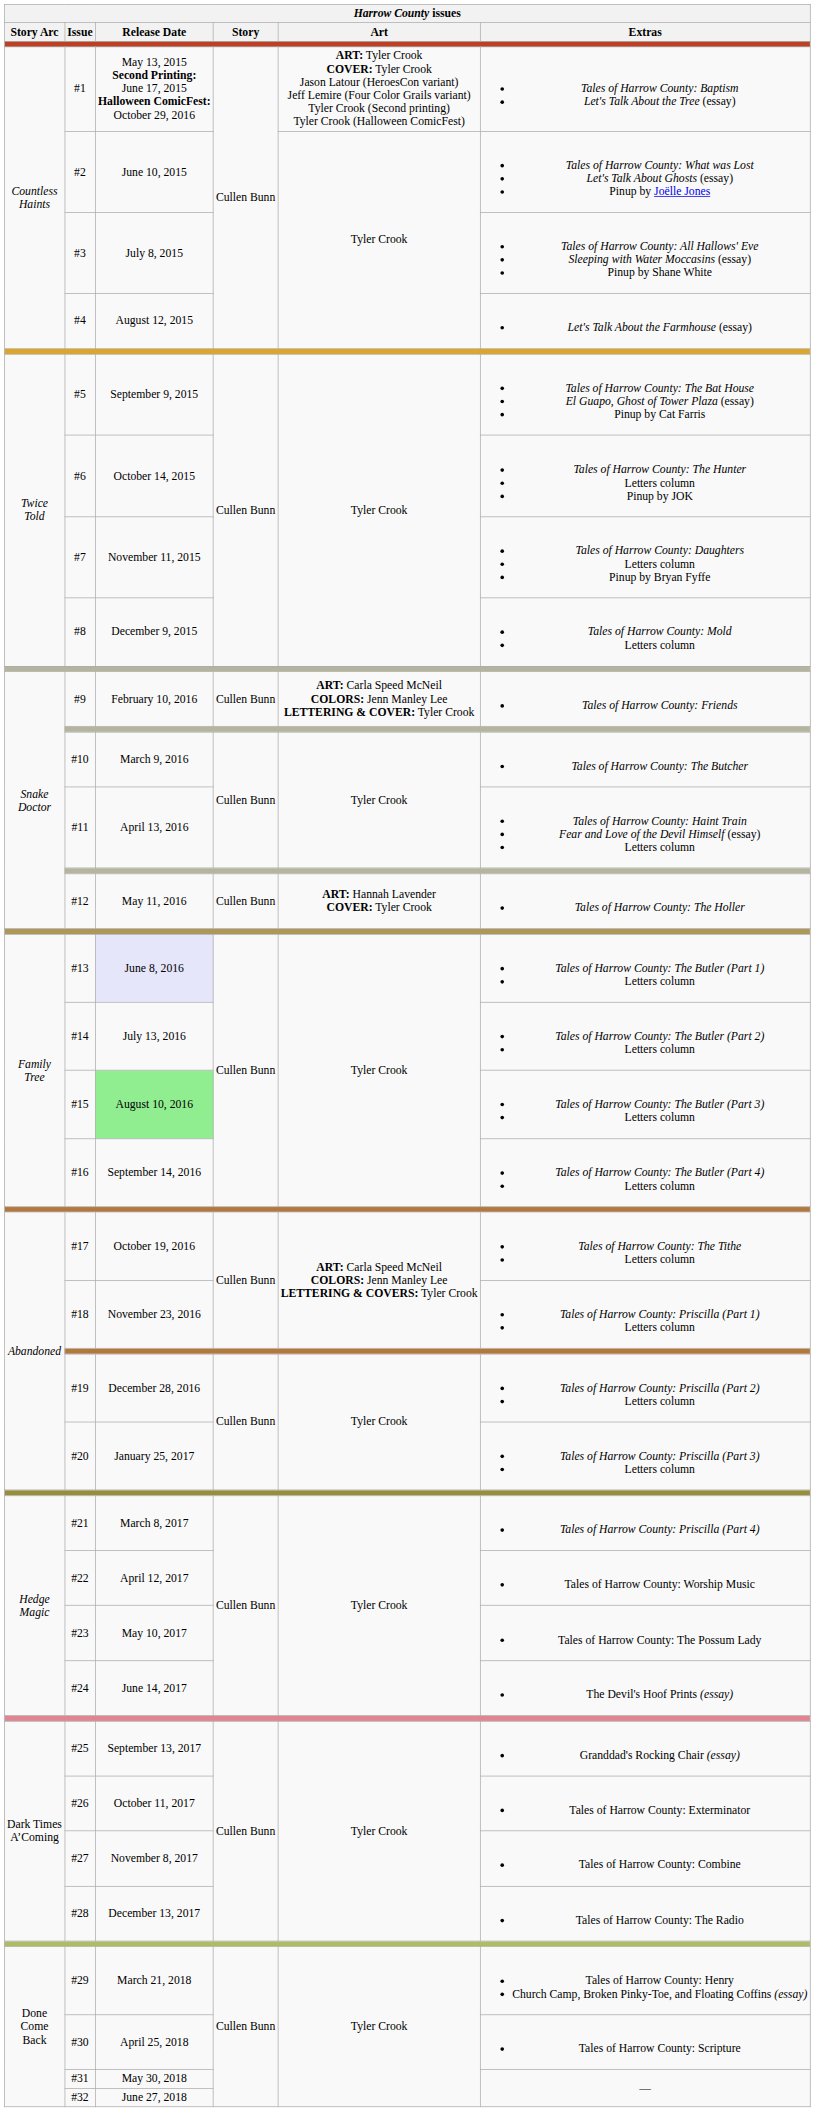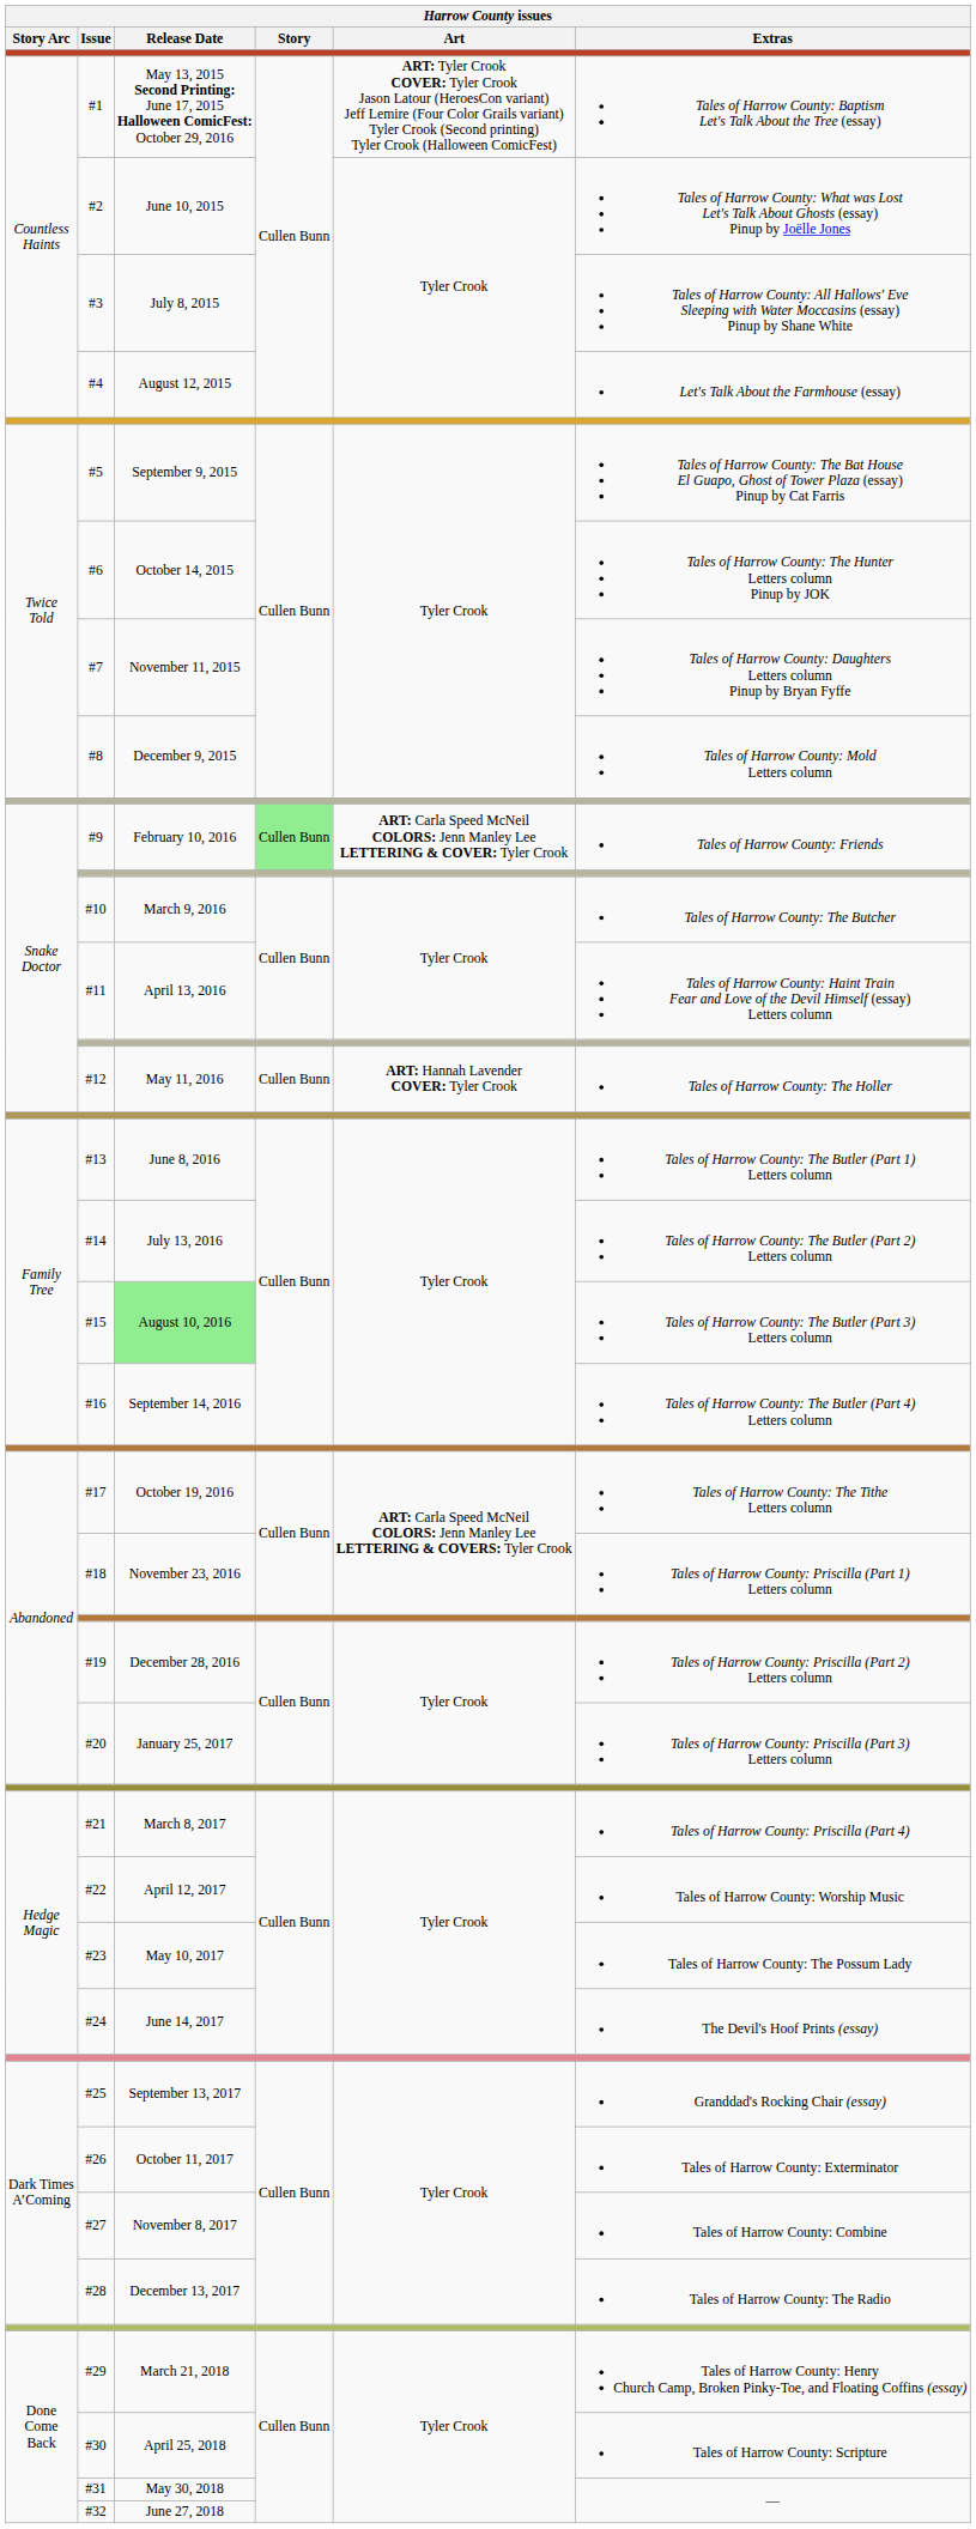 <table class="wikitable mw-collapsible mw-collapsed" style="text-align: center">
 <tr>
 <th colspan=6><em>Harrow County</em> issues</th>
 </tr>
 <tr>
 <th>Story Arc</th>
 <th>Issue</th>
 <th>Release Date</th>
 <th>Story</th>
 <th>Art</th>
 <th>Extras</th>
 </tr>
 <tr>
 <td colspan=6 style=background:#bc4026></td>
 </tr>
 <tr>
 <td rowspan=4><em>Countless<br>Haints</em></td>
 <td>#1</td>
 <td>May 13, 2015<br><strong><span>Second Printing:</span></strong><br>June 17, 2015<br><strong><span>Halloween ComicFest:</span></strong><br>October 29, 2016</td>
 <td rowspan=4>Cullen Bunn</td>
 <td><strong><span>ART:</span></strong> Tyler Crook<br><strong><span>COVER:</span></strong> Tyler Crook<br>Jason Latour <span>(HeroesCon variant)</span><br>Jeff Lemire <span>(Four Color Grails variant)</span><br>Tyler Crook <span>(Second printing)</span><br>Tyler Crook <span>(Halloween ComicFest)</span></td>
 <td><br><ul><li><em>Tales of Harrow County: Baptism</em></li><li><em>Let's Talk About the Tree</em> (essay)</li></ul></td>
 </tr>
 <tr>
 <td>#2</td>
 <td>June 10, 2015</td>
 <td rowspan=3>Tyler Crook</td>
 <td><br><ul><li><em>Tales of Harrow County: What was Lost</em></li><li><em>Let's Talk About Ghosts</em> (essay)</li><li>Pinup by <a href='#'>Joëlle Jones</a></li></ul></td>
 </tr>
 <tr>
 <td>#3</td>
 <td>July 8, 2015</td>
 <td><br><ul><li><em>Tales of Harrow County: All Hallows' Eve</em></li><li><em>Sleeping with Water Moccasins</em> (essay)</li><li>Pinup by Shane White</li></ul></td>
 </tr>
 <tr>
 <td>#4</td>
 <td>August 12, 2015</td>
 <td><br><ul><li><em>Let's Talk About the Farmhouse</em> (essay)</li></ul></td>
 </tr>
 <tr>
 <td colspan=6 style=background:#dda628></td>
 </tr>
 <tr>
 <td rowspan=4><em>Twice<br>Told</em></td>
 <td>#5</td>
 <td>September 9, 2015</td>
 <td rowspan=4>Cullen Bunn</td>
 <td rowspan=4>Tyler Crook</td>
 <td><br><ul><li><em>Tales of Harrow County: The Bat House</em></li><li><em>El Guapo, Ghost of Tower Plaza</em> (essay)</li><li>Pinup by Cat Farris</li></ul></td>
 </tr>
 <tr>
 <td>#6</td>
 <td>October 14, 2015</td>
 <td><br><ul><li><em>Tales of Harrow County: The Hunter</em></li><li>Letters column</li><li>Pinup by JOK</li></ul></td>
 </tr>
 <tr>
 <td>#7</td>
 <td>November 11, 2015</td>
 <td><br><ul><li><em>Tales of Harrow County: Daughters</em></li><li>Letters column</li><li>Pinup by Bryan Fyffe</li></ul></td>
 </tr>
 <tr>
 <td>#8</td>
 <td>December 9, 2015</td>
 <td><br><ul><li><em>Tales of Harrow County: Mold</em></li><li>Letters column</li></ul></td>
 </tr>
 <tr>
 <td colspan=6 style=background:#b5b59d></td>
 </tr>
 <tr>
 <td rowspan=6><em>Snake<br>Doctor</em></td>
 <td>#9</td>
 <td>February 10, 2016</td>
-<td>Cullen Bunn</td>
+<td style="background: lightgreen;">Cullen Bunn</td>
 <td><strong><span>ART:</span></strong> Carla Speed McNeil<br><strong><span>COLORS:</span></strong> Jenn Manley Lee<br><strong><span>LETTERING & COVER:</span></strong> Tyler Crook</td>
 <td><br><ul><li><em>Tales of Harrow County: Friends</em></li></ul></td>
 </tr>
 <tr>
 <td colspan=5 style=background:#b5b59d></td>
 </tr>
 <tr>
 <td>#10</td>
 <td>March 9, 2016</td>
 <td rowspan=2>Cullen Bunn</td>
 <td rowspan=2>Tyler Crook</td>
 <td><br><ul><li><em>Tales of Harrow County: The Butcher</em></li></ul></td>
 </tr>
 <tr>
 <td>#11</td>
 <td>April 13, 2016</td>
 <td><br><ul><li><em>Tales of Harrow County: Haint Train</em></li><li><em>Fear and Love of the Devil Himself</em> (essay)</li><li>Letters column</li></ul></td>
 </tr>
 <tr>
 <td colspan=5 style=background:#b5b59d></td>
 </tr>
 <tr>
 <td>#12</td>
 <td>May 11, 2016</td>
 <td>Cullen Bunn</td>
 <td><strong><span>ART:</span></strong> Hannah Lavender<br><strong><span>COVER:</span></strong> Tyler Crook</td>
 <td><br><ul><li><em>Tales of Harrow County: The Holler</em></li></ul></td>
 </tr>
 <tr>
 <td colspan=6 style=background:#ad9859></td>
 </tr>
 <tr>
 <td rowspan=4><em>Family<br>Tree</em></td>
 <td>#13</td>
-<td style="background: lavender;">June 8, 2016</td>
+<td>June 8, 2016</td>
 <td rowspan=4>Cullen Bunn</td>
 <td rowspan=4>Tyler Crook</td>
 <td><br><ul><li><em>Tales of Harrow County: The Butler (Part 1)</em></li><li>Letters column</li></ul></td>
 </tr>
 <tr>
 <td>#14</td>
 <td>July 13, 2016</td>
 <td><br><ul><li><em>Tales of Harrow County: The Butler (Part 2)</em></li><li>Letters column</li></ul></td>
 </tr>
 <tr>
 <td>#15</td>
 <td style="background: lightgreen;">August 10, 2016</td>
 <td><br><ul><li><em>Tales of Harrow County: The Butler (Part 3)</em></li><li>Letters column</li></ul></td>
 </tr>
 <tr>
 <td>#16</td>
 <td>September 14, 2016</td>
 <td><br><ul><li><em>Tales of Harrow County: The Butler (Part 4)</em></li><li>Letters column</li></ul></td>
 </tr>
 <tr>
 <td colspan=6 style=background:#b5783b></td>
 </tr>
 <tr>
 <td rowspan=5><em>Abandoned</em></td>
 <td>#17</td>
 <td>October 19, 2016</td>
 <td rowspan=2>Cullen Bunn</td>
 <td rowspan=2><strong><span>ART:</span></strong> Carla Speed McNeil<br><strong><span>COLORS:</span></strong> Jenn Manley Lee<br><strong><span>LETTERING & COVERS:</span></strong> Tyler Crook</td>
 <td><br><ul><li><em>Tales of Harrow County: The Tithe</em></li><li>Letters column</li></ul></td>
 </tr>
 <tr>
 <td>#18</td>
 <td>November 23, 2016</td>
 <td><br><ul><li><em>Tales of Harrow County: Priscilla (Part 1)</em></li><li>Letters column</li></ul></td>
 </tr>
 <tr>
 <td colspan=6 style=background:#b5783b></td>
 </tr>
 <tr>
 <td>#19</td>
 <td>December 28, 2016</td>
 <td rowspan=2>Cullen Bunn</td>
 <td rowspan=2>Tyler Crook</td>
 <td><br><ul><li><em>Tales of Harrow County: Priscilla (Part 2)</em></li><li>Letters column</li></ul></td>
 </tr>
 <tr>
 <td>#20</td>
 <td>January 25, 2017</td>
 <td><br><ul><li><em>Tales of Harrow County: Priscilla (Part 3)</em></li><li>Letters column</li></ul></td>
 </tr>
 <tr>
 <td colspan=6 style=background:#968e39></td>
 </tr>
 <tr>
 <td rowspan=4><em>Hedge<br>Magic</em></td>
 <td>#21</td>
 <td>March 8, 2017</td>
 <td rowspan=4>Cullen Bunn</td>
 <td rowspan=4>Tyler Crook</td>
 <td><br><ul><li><em>Tales of Harrow County: Priscilla (Part 4)</li></ul></td>
 </tr>
 <tr>
 <td>#22</td>
 <td>April 12, 2017</td>
 <td><br><ul><li></em>Tales of Harrow County: Worship Music<em></li></ul></td>
 </tr>
 <tr>
 <td>#23</td>
 <td>May 10, 2017</td>
 <td><br><ul><li></em>Tales of Harrow County: The Possum Lady<em></li></ul></td>
 </tr>
 <tr>
 <td>#24</td>
 <td>June 14, 2017</td>
 <td><br><ul><li></em>The Devil's Hoof Prints<em> (essay)</li></ul></td>
 </tr>
 <tr>
 <td colspan=6 style=background:#e18592></td>
 </tr>
 <tr>
 <td rowspan=4></em>Dark Times<br>A’Coming<em></td>
 <td>#25</td>
 <td>September 13, 2017</td>
 <td rowspan=4>Cullen Bunn</td>
 <td rowspan=4>Tyler Crook</td>
 <td><br><ul><li></em>Granddad's Rocking Chair<em> (essay)</li></ul></td>
 </tr>
 <tr>
 <td>#26</td>
 <td>October 11, 2017</td>
 <td><br><ul><li></em>Tales of Harrow County: Exterminator<em></li></ul></td>
 </tr>
 <tr>
 <td>#27</td>
 <td>November 8, 2017</td>
 <td><br><ul><li></em>Tales of Harrow County: Combine<em></li></ul></td>
 </tr>
 <tr>
 <td>#28</td>
 <td>December 13, 2017</td>
 <td><br><ul><li></em>Tales of Harrow County: The Radio<em></li></ul></td>
 </tr>
 <tr>
 <td colspan=6 style=background:#adbe62></td>
 </tr>
 <tr>
 <td rowspan=4></em>Done<br>Come<br>Back<em></td>
 <td>#29</td>
 <td>March 21, 2018</td>
 <td rowspan=4>Cullen Bunn</td>
 <td rowspan=4>Tyler Crook</td>
 <td><br><ul><li></em>Tales of Harrow County: Henry<em></li><li></em>Church Camp, Broken Pinky-Toe, and Floating Coffins<em> (essay)</li></ul></td>
 </tr>
 <tr>
 <td>#30</td>
 <td>April 25, 2018</td>
 <td><br><ul><li></em>Tales of Harrow County: Scripture<em></li></ul></td>
 </tr>
 <tr>
 <td>#31</td>
 <td>May 30, 2018</td>
 <td rowspan=2>—</td>
 </tr>
 <tr>
 <td>#32</td>
 <td>June 27, 2018</td>
 </tr>
 </table>
